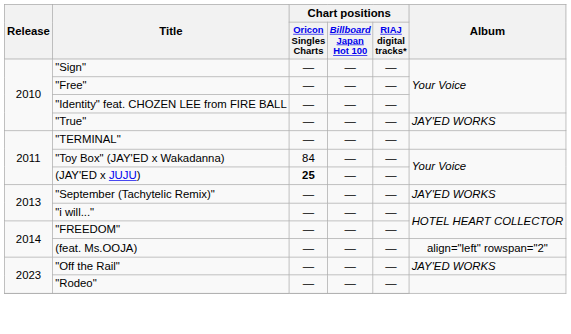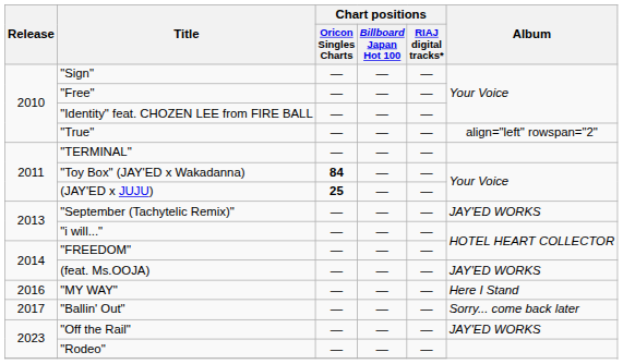 <table class="wikitable" style="text-align:center">
 <tr bgcolor="#CCCCCC">
 <th rowspan="2">Release</th>
 <th rowspan="2">Title</th>
 <th colspan="3">Chart positions</th>
 <th rowspan="2">Album</th>
 </tr>
 <tr style="font-size:smaller;">
 <th width="35"><a href='#'>Oricon</a> Singles Charts</th>
 <th width="35"><em><a href='#'>Billboard</a></em> <a href='#'>Japan Hot 100</a></th>
 <th width="35"><a href='#'>RIAJ</a> digital tracks*</th>
 </tr>
 <tr>
 <td rowspan="4">2010</td>
 <td align="left">"Sign"</td>
 <td>—</td>
 <td>—</td>
 <td>—</td>
 <td align="left" rowspan="3"><em>Your Voice</em></td>
 </tr>
 <tr>
 <td align="left">"Free"</td>
 <td>—</td>
 <td>—</td>
 <td>—</td>
 </tr>
 <tr>
 <td align="left">"Identity" feat. CHOZEN LEE from FIRE BALL</td>
 <td>—</td>
 <td>—</td>
 <td>—</td>
 </tr>
 <tr>
 <td align="left">"True"</td>
 <td>—</td>
 <td>—</td>
 <td>—</td>
-<td align="left"><em>JAY'ED WORKS</em></td>
+<td>align="left" rowspan="2" </td>
 </tr>
 <tr>
 <td rowspan="3">2011</td>
 <td align="left">"TERMINAL"</td>
 <td>—</td>
 <td>—</td>
 <td>—</td>
 </tr>
 <tr>
 <td align="left">"Toy Box" (JAY'ED x Wakadanna)</td>
-<td>84</td>
+<td><strong>84</strong></td>
 <td>—</td>
 <td>—</td>
 <td align="left" rowspan="2"><em>Your Voice</em></td>
 </tr>
 <tr>
 <td align="left"> (JAY'ED x <a href='#'>JUJU</a>)</td>
 <td><strong>25</strong></td>
 <td>—</td>
 <td>—</td>
 </tr>
 <tr>
 <td rowspan="2">2013</td>
 <td align="left">"September (Tachytelic Remix)"</td>
 <td>—</td>
 <td>—</td>
 <td>—</td>
 <td align="left"><em>JAY'ED WORKS</em></td>
 </tr>
 <tr>
 <td align="left">"i will..."</td>
 <td>—</td>
 <td>—</td>
 <td>—</td>
 <td align="left" rowspan="2"><em>HOTEL HEART COLLECTOR</em></td>
 </tr>
 <tr>
 <td rowspan="2">2014</td>
 <td align="left">"FREEDOM"</td>
 <td>—</td>
 <td>—</td>
 <td>—</td>
 </tr>
 <tr>
 <td align="left"> (feat. Ms.OOJA)</td>
 <td>—</td>
 <td>—</td>
 <td>—</td>
-<td>align="left" rowspan="2" </td>
+<td align="left"><em>JAY'ED WORKS</em></td>
+</tr>
+<tr>
+<td rowspan="1">2016</td>
+<td align="left">"MY WAY"</td>
+<td>—</td>
+<td>—</td>
+<td>—</td>
+<td align="left"><em>Here I Stand</em></td>
+</tr>
+<tr>
+<td rowspan="1">2017</td>
+<td align="left">"Ballin' Out"</td>
+<td>—</td>
+<td>—</td>
+<td>—</td>
+<td align="left" rowspan="1"><em>Sorry... come back later</em></td>
 </tr>
 <tr>
 <td rowspan="2">2023</td>
 <td align="left">"Off the Rail"</td>
 <td>—</td>
 <td>—</td>
 <td>—</td>
 <td align="left"><em>JAY'ED WORKS</em></td>
 </tr>
 <tr>
 <td align="left">"Rodeo"</td>
 <td>—</td>
 <td>—</td>
 <td>—</td>
 </tr>
 <tr>
 </tr>
 </table>
